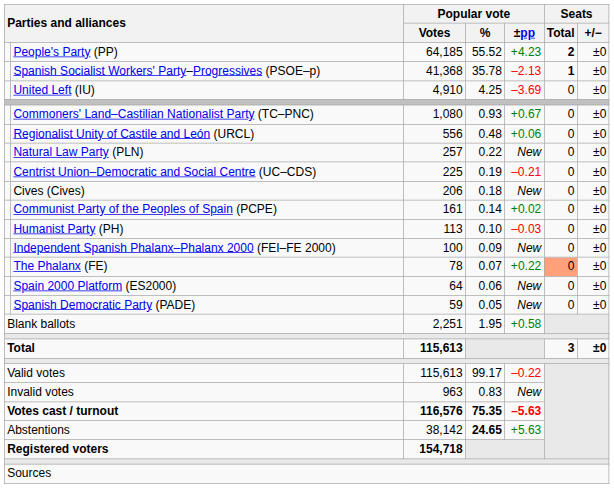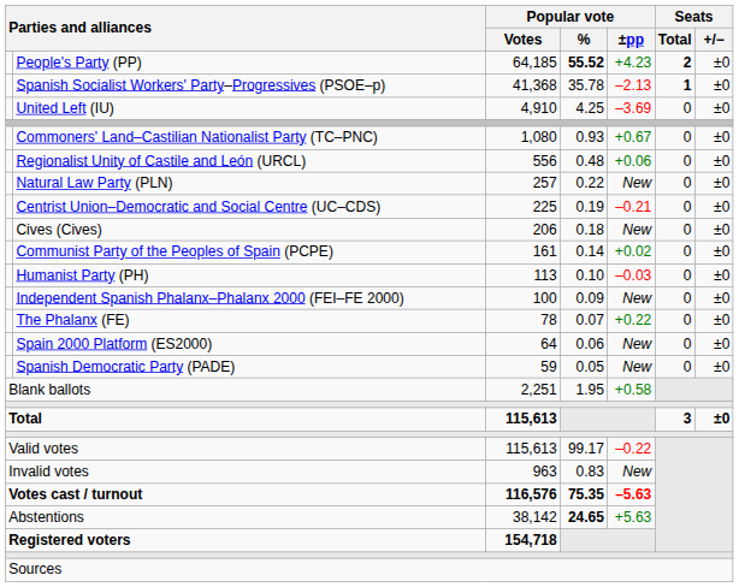 <table class="wikitable" style="text-align:right;">
 <tr>
 <th style="text-align:left;" rowspan="2" colspan="2" width="525">Parties and alliances</th>
 <th colspan="3">Popular vote</th>
 <th colspan="2">Seats</th>
 </tr>
 <tr>
 <th width="75">Votes</th>
 <th width="45">%</th>
 <th width="45">±<a href='#'>pp</a></th>
 <th width="35">Total</th>
 <th width="35">+/−</th>
 </tr>
 <tr>
 <td width="1" style="color:inherit;background:"></td>
 <td align="left"><a href='#'>People's Party</a> (PP)</td>
 <td>64,185</td>
-<td>55.52</td>
+<td><strong>55.52</strong></td>
 <td style="color:green;">+4.23</td>
 <td><strong>2</strong></td>
 <td>±0</td>
 </tr>
 <tr>
 <td style="color:inherit;background:"></td>
 <td align="left"><a href='#'>Spanish Socialist Workers' Party</a>–<a href='#'>Progressives</a> (PSOE–p)</td>
 <td>41,368</td>
 <td>35.78</td>
 <td style="color:red;">–2.13</td>
 <td><strong>1</strong></td>
 <td>±0</td>
 </tr>
 <tr>
 <td style="color:inherit;background:"></td>
 <td align="left"><a href='#'>United Left</a> (IU)</td>
 <td>4,910</td>
 <td>4.25</td>
 <td style="color:red;">–3.69</td>
 <td>0</td>
 <td>±0</td>
 </tr>
 <tr>
 <td colspan="7" bgcolor="#C0C0C0"></td>
 </tr>
 <tr>
 <td style="color:inherit;background:"></td>
 <td align="left"><a href='#'>Commoners' Land–Castilian Nationalist Party</a> (TC–PNC)</td>
 <td>1,080</td>
 <td>0.93</td>
 <td style="color:green;">+0.67</td>
 <td>0</td>
 <td>±0</td>
 </tr>
 <tr>
 <td style="color:inherit;background:"></td>
 <td align="left"><a href='#'>Regionalist Unity of Castile and León</a> (URCL)</td>
 <td>556</td>
 <td>0.48</td>
 <td style="color:green;">+0.06</td>
 <td>0</td>
 <td>±0</td>
 </tr>
 <tr>
 <td style="color:inherit;background:"></td>
 <td align="left"><a href='#'>Natural Law Party</a> (PLN)</td>
 <td>257</td>
 <td>0.22</td>
 <td><em>New</em></td>
 <td>0</td>
 <td>±0</td>
 </tr>
 <tr>
 <td style="color:inherit;background:"></td>
 <td align="left"><a href='#'>Centrist Union–Democratic and Social Centre</a> (UC–CDS)</td>
 <td>225</td>
 <td>0.19</td>
 <td style="color:red;">–0.21</td>
 <td>0</td>
 <td>±0</td>
 </tr>
 <tr>
 <td style="color:inherit;background:"></td>
 <td align="left">Cives (Cives)</td>
 <td>206</td>
 <td>0.18</td>
 <td><em>New</em></td>
 <td>0</td>
 <td>±0</td>
 </tr>
 <tr>
 <td style="color:inherit;background:"></td>
 <td align="left"><a href='#'>Communist Party of the Peoples of Spain</a> (PCPE)</td>
 <td>161</td>
 <td>0.14</td>
 <td style="color:green;">+0.02</td>
 <td>0</td>
 <td>±0</td>
 </tr>
 <tr>
 <td style="color:inherit;background:"></td>
 <td align="left"><a href='#'>Humanist Party</a> (PH)</td>
 <td>113</td>
 <td>0.10</td>
 <td style="color:red;">–0.03</td>
 <td>0</td>
 <td>±0</td>
 </tr>
 <tr>
 <td style="color:inherit;background:"></td>
 <td align="left"><a href='#'>Independent Spanish Phalanx–Phalanx 2000</a> (FEI–FE 2000)</td>
 <td>100</td>
 <td>0.09</td>
 <td><em>New</em></td>
 <td>0</td>
 <td>±0</td>
 </tr>
 <tr>
 <td style="color:inherit;background:"></td>
 <td align="left"><a href='#'>The Phalanx</a> (FE)</td>
 <td>78</td>
 <td>0.07</td>
 <td style="color:green;">+0.22</td>
-<td style="background: lightsalmon;">0</td>
+<td>0</td>
 <td>±0</td>
 </tr>
 <tr>
 <td style="color:inherit;background:"></td>
 <td align="left"><a href='#'>Spain 2000 Platform</a> (ES2000)</td>
 <td>64</td>
 <td>0.06</td>
 <td><em>New</em></td>
 <td>0</td>
 <td>±0</td>
 </tr>
 <tr>
 <td style="color:inherit;background:"></td>
 <td align="left"><a href='#'>Spanish Democratic Party</a> (PADE)</td>
 <td>59</td>
 <td>0.05</td>
 <td><em>New</em></td>
 <td>0</td>
 <td>±0</td>
 </tr>
 <tr>
 <td align="left" colspan="2">Blank ballots</td>
 <td>2,251</td>
 <td>1.95</td>
 <td style="color:green;">+0.58</td>
 <td bgcolor="#E9E9E9" colspan="2"></td>
 </tr>
 <tr>
 <td colspan="7" bgcolor="#E9E9E9"></td>
 </tr>
 <tr style="font-weight:bold;">
 <td align="left" colspan="2">Total</td>
 <td>115,613</td>
 <td bgcolor="#E9E9E9" colspan="2"></td>
 <td>3</td>
 <td>±0</td>
 </tr>
 <tr>
 <td colspan="7" bgcolor="#E9E9E9"></td>
 </tr>
 <tr>
 <td align="left" colspan="2">Valid votes</td>
 <td>115,613</td>
 <td>99.17</td>
 <td style="color:red;">–0.22</td>
 <td bgcolor="#E9E9E9" colspan="2" rowspan="5"></td>
 </tr>
 <tr>
 <td align="left" colspan="2">Invalid votes</td>
 <td>963</td>
 <td>0.83</td>
 <td><em>New</em></td>
 </tr>
 <tr style="font-weight:bold;">
 <td align="left" colspan="2">Votes cast / turnout</td>
 <td>116,576</td>
 <td>75.35</td>
 <td style="color:red;">–5.63</td>
 </tr>
 <tr>
 <td align="left" colspan="2">Abstentions</td>
 <td>38,142</td>
 <td><strong>24.65</strong></td>
 <td style="color:green;">+5.63</td>
 </tr>
 <tr style="font-weight:bold;">
 <td align="left" colspan="2">Registered voters</td>
 <td>154,718</td>
 <td bgcolor="#E9E9E9" colspan="2"></td>
 </tr>
 <tr>
 <td colspan="7" bgcolor="#E9E9E9"></td>
 </tr>
 <tr>
 <td align="left" colspan="7">Sources</td>
 </tr>
 </table>
